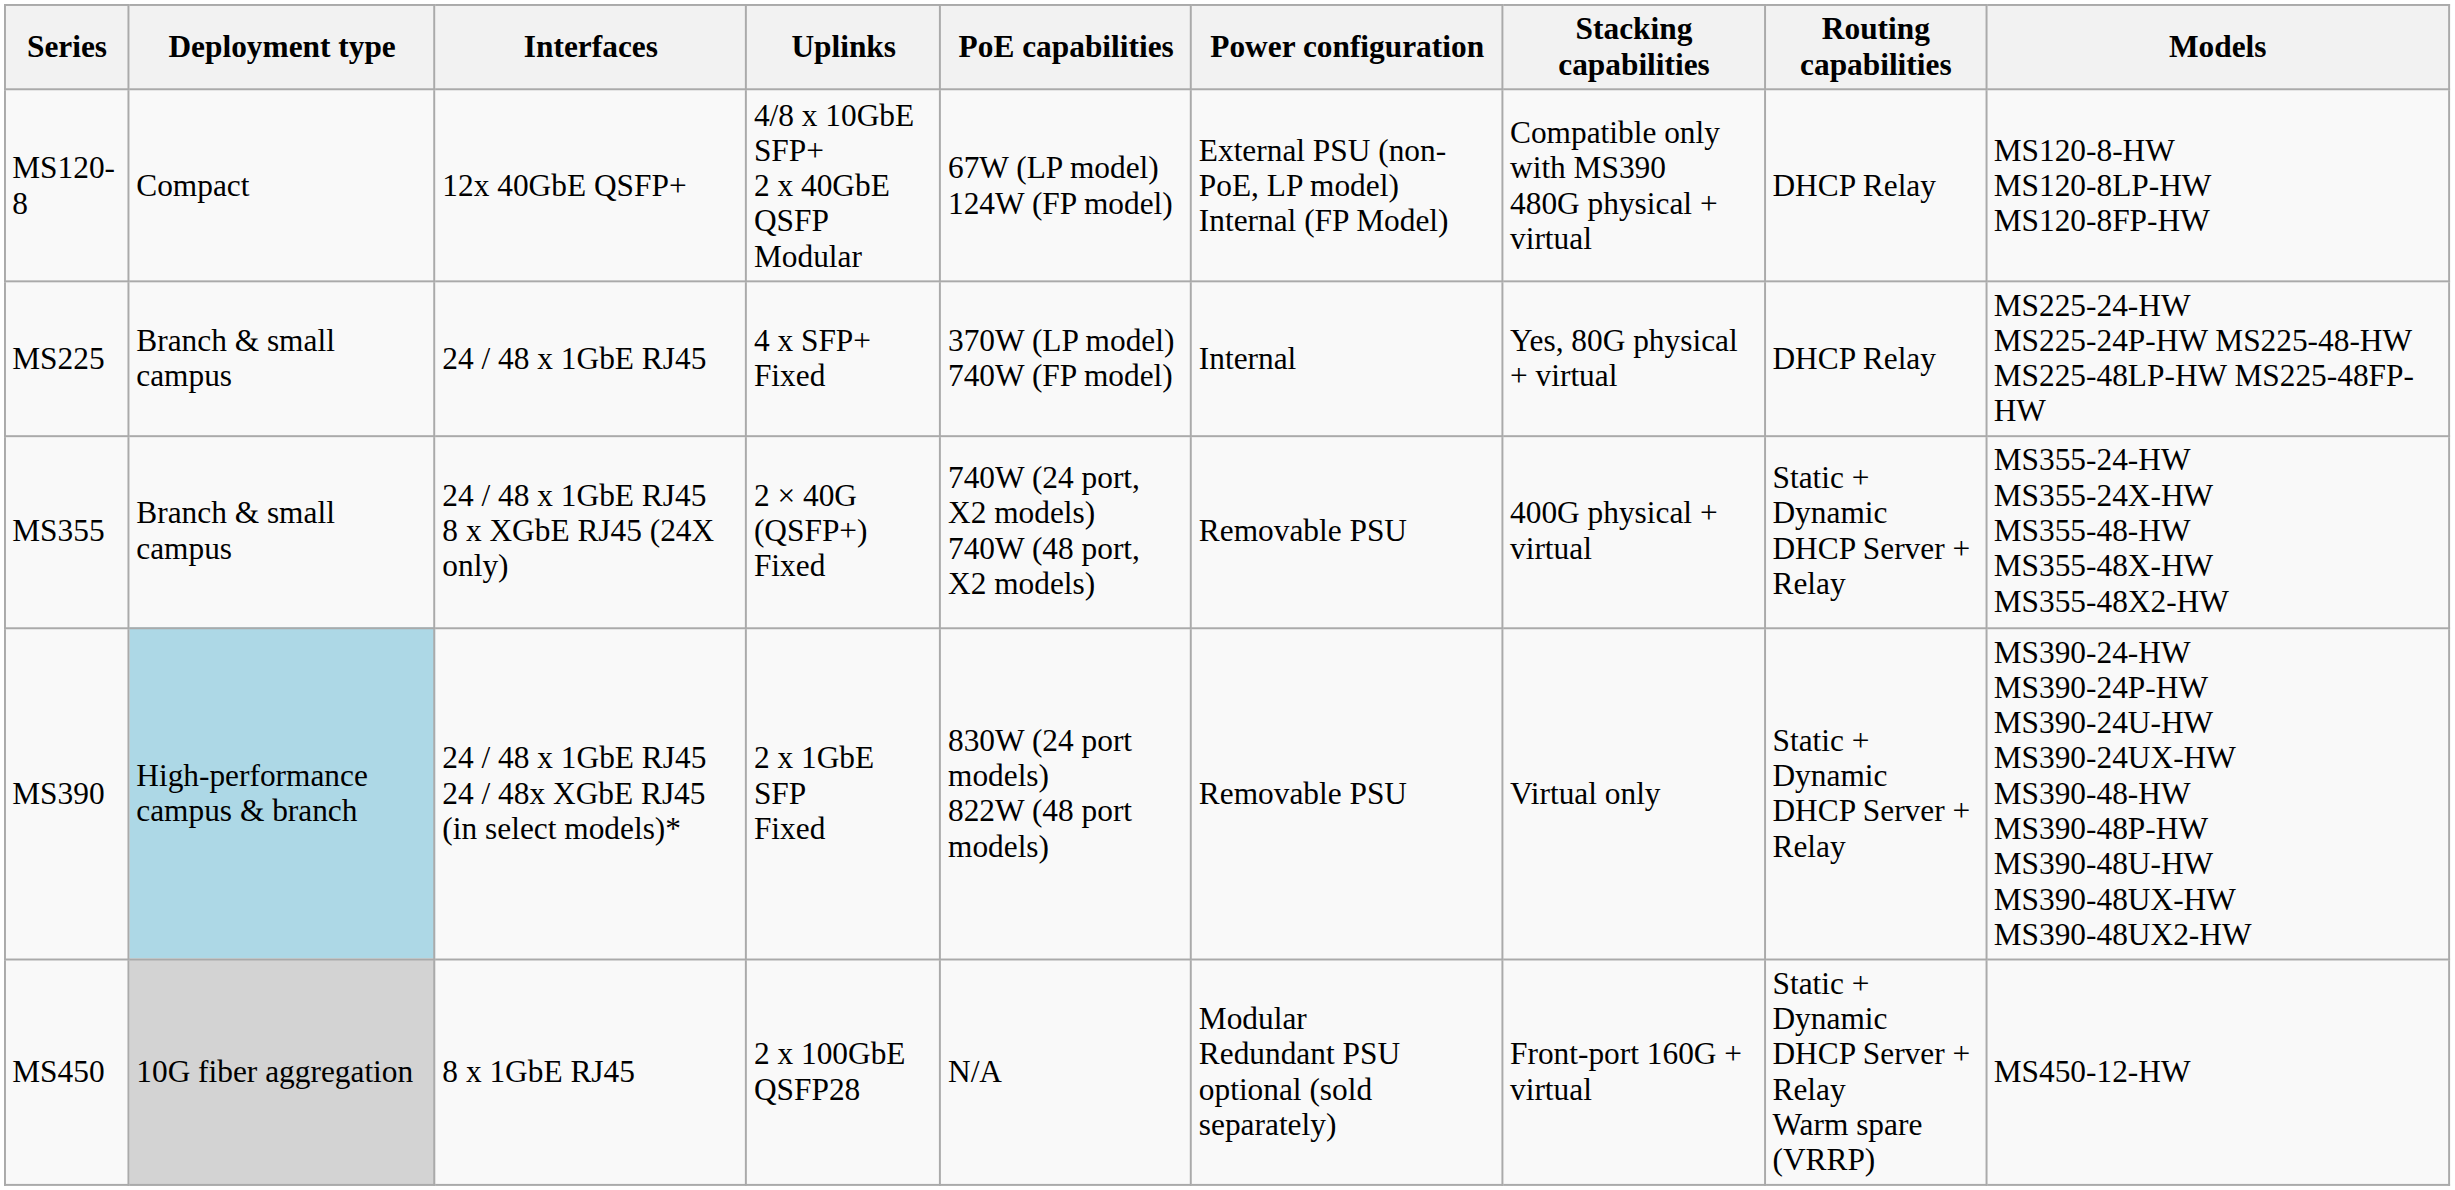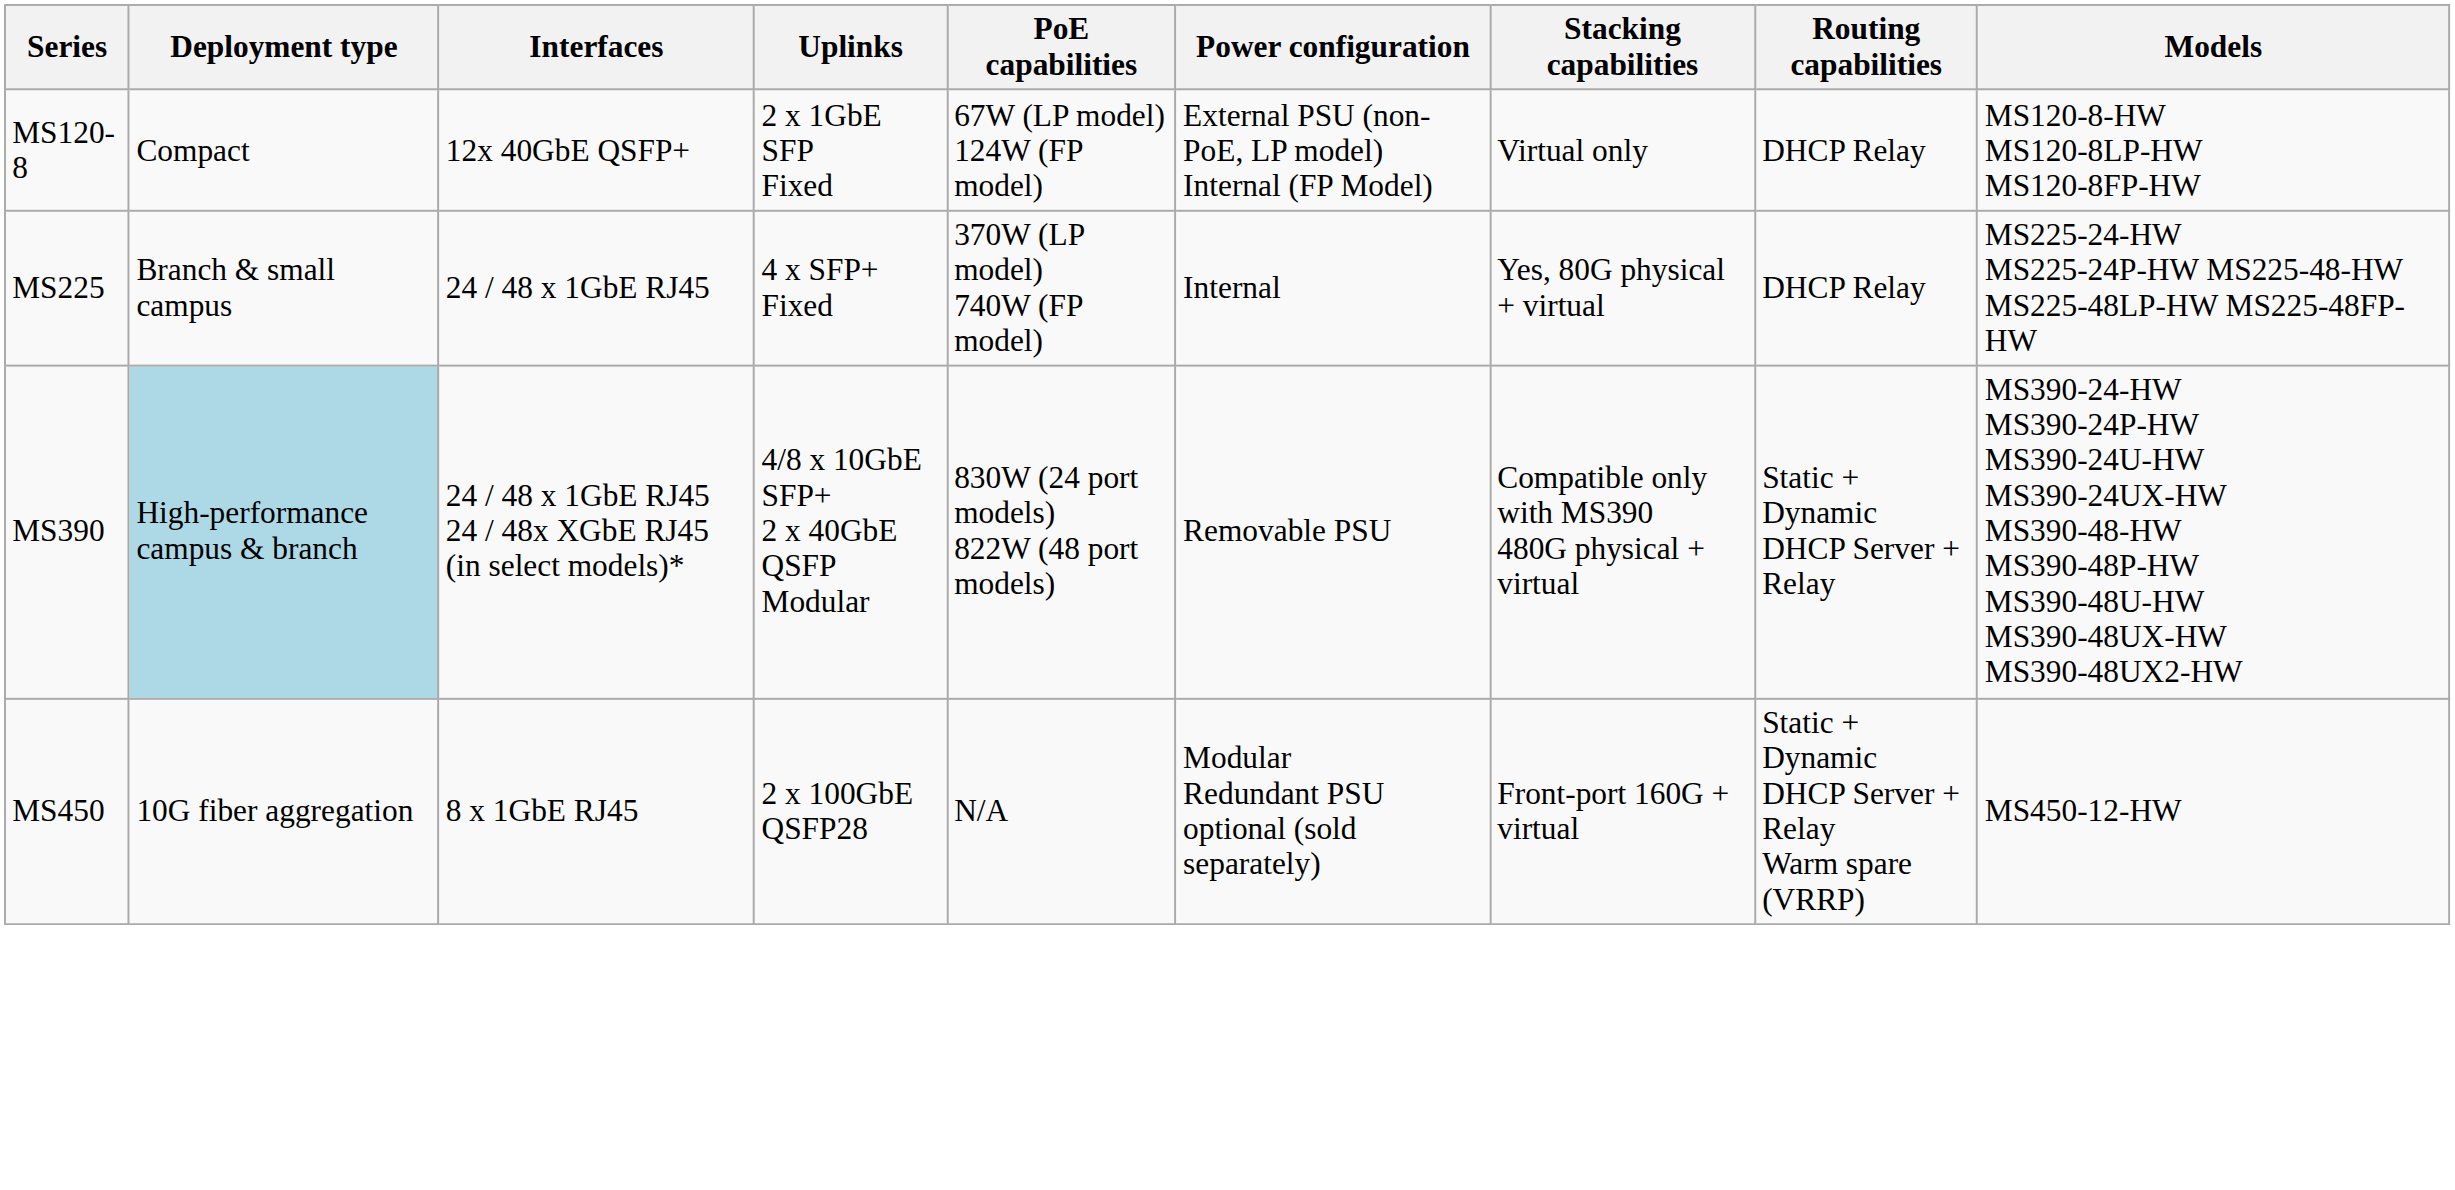 <table class="wikitable">
 <tr>
 <th>Series</th>
 <th>Deployment type</th>
 <th>Interfaces</th>
 <th>Uplinks</th>
 <th>PoE capabilities</th>
 <th>Power configuration</th>
 <th>Stacking capabilities</th>
 <th>Routing capabilities</th>
 <th>Models</th>
 </tr>
 <tr>
 <td>MS120-8</td>
 <td>Compact</td>
 <td>12x 40GbE QSFP+</td>
-<td>4/8 x 10GbE SFP+<br>2 x 40GbE QSFP<br>Modular</td>
+<td>2 x 1GbE SFP<br>Fixed</td>
 <td>67W (LP model)<br>124W (FP model)</td>
 <td>External PSU (non-PoE, LP model)<br>Internal (FP Model)</td>
-<td>Compatible only with MS390<br>480G physical +<br>virtual</td>
+<td>Virtual only</td>
 <td>DHCP Relay</td>
 <td>MS120-8-HW<br>MS120-8LP-HW<br>MS120-8FP-HW</td>
 </tr>
 <tr>
 <td>MS225</td>
 <td>Branch & small campus</td>
 <td>24 / 48 x 1GbE RJ45</td>
 <td>4 x SFP+<br>Fixed</td>
 <td>370W (LP model)<br>740W (FP model)</td>
 <td>Internal</td>
 <td>Yes, 80G physical + virtual</td>
 <td>DHCP Relay</td>
 <td>MS225-24-HW<br>MS225-24P-HW MS225-48-HW MS225-48LP-HW MS225-48FP-HW</td>
 </tr>
 <tr>
-<td>MS355</td>
-<td>Branch & small campus</td>
-<td>24 / 48 x 1GbE RJ45<br>8 x XGbE RJ45 (24X only)</td>
-<td>2 × 40G (QSFP+)<br>Fixed</td>
-<td>740W (24 port, X2 models)<br>740W (48 port, X2 models)</td>
-<td>Removable PSU</td>
-<td>400G physical +<br>virtual</td>
-<td>Static + Dynamic<br>DHCP Server + Relay</td>
-<td>MS355-24-HW<br>MS355-24X-HW<br>MS355-48-HW<br>MS355-48X-HW<br>MS355-48X2-HW</td>
-</tr>
-<tr>
 <td>MS390</td>
 <td style="background: lightblue;">High-performance campus & branch</td>
 <td>24 / 48 x 1GbE RJ45<br>24 / 48x XGbE RJ45 (in select models)*</td>
-<td>2 x 1GbE SFP<br>Fixed</td>
+<td>4/8 x 10GbE SFP+<br>2 x 40GbE QSFP<br>Modular</td>
 <td>830W (24 port models)<br>822W (48 port models)</td>
 <td>Removable PSU</td>
-<td>Virtual only</td>
+<td>Compatible only with MS390<br>480G physical +<br>virtual</td>
 <td>Static + Dynamic<br>DHCP Server + Relay</td>
 <td>MS390-24-HW<br>MS390-24P-HW<br>MS390-24U-HW<br>MS390-24UX-HW<br>MS390-48-HW<br>MS390-48P-HW<br>MS390-48U-HW<br>MS390-48UX-HW<br>MS390-48UX2-HW</td>
 </tr>
 <tr>
 <td>MS450</td>
-<td style="background: lightgrey;">10G fiber aggregation</td>
+<td>10G fiber aggregation</td>
 <td>8 x 1GbE RJ45</td>
 <td>2 x 100GbE QSFP28</td>
 <td>N/A</td>
 <td>Modular<br>Redundant PSU optional (sold<br>separately)</td>
 <td>Front-port 160G + virtual</td>
 <td>Static + Dynamic<br>DHCP Server + Relay<br>Warm spare (VRRP)</td>
 <td>MS450-12-HW</td>
 </tr>
 </table>
